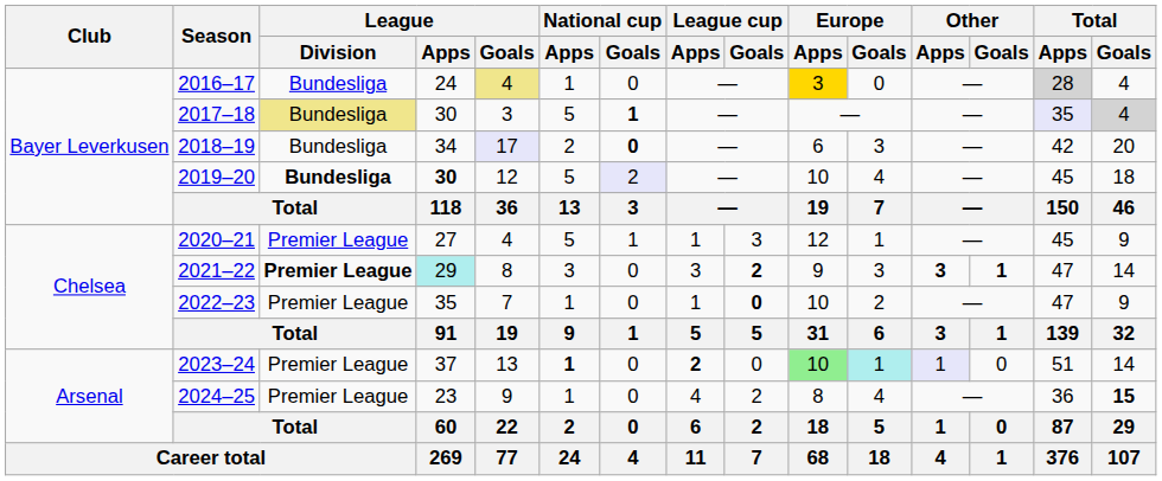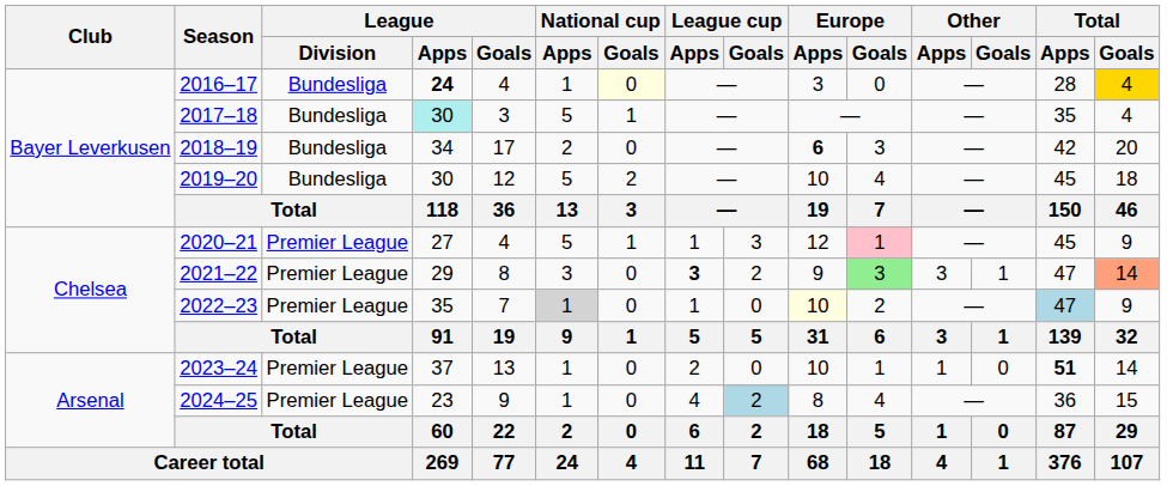 <table class="wikitable" style="text-align: center;">
 <tr>
 <th rowspan="2">Club</th>
 <th rowspan="2">Season</th>
 <th colspan="3">League</th>
 <th colspan="2">National cup</th>
 <th colspan="2">League cup</th>
 <th colspan="2">Europe</th>
 <th colspan="2">Other</th>
 <th colspan="2">Total</th>
 </tr>
 <tr>
 <th>Division</th>
 <th>Apps</th>
 <th>Goals</th>
 <th>Apps</th>
 <th>Goals</th>
 <th>Apps</th>
 <th>Goals</th>
 <th>Apps</th>
 <th>Goals</th>
 <th>Apps</th>
 <th>Goals</th>
 <th>Apps</th>
 <th>Goals</th>
 </tr>
 <tr>
 <td rowspan="5"><a href='#'>Bayer Leverkusen</a></td>
 <td><a href='#'>2016–17</a></td>
 <td><a href='#'>Bundesliga</a></td>
-<td>24</td>
-<td style="background: khaki;">4</td>
+<td><strong>24</strong></td>
+<td>4</td>
 <td>1</td>
+<td style="background: lightyellow;">0</td>
+<td colspan="2">—</td>
+<td>3</td>
 <td>0</td>
 <td colspan="2">—</td>
-<td style="background: gold;">3</td>
-<td>0</td>
-<td colspan="2">—</td>
-<td style="background: lightgrey;">28</td>
-<td>4</td>
+<td>28</td>
+<td style="background: gold;">4</td>
 </tr>
 <tr>
 <td><a href='#'>2017–18</a></td>
-<td style="background: khaki;">Bundesliga</td>
-<td>30</td>
+<td>Bundesliga</td>
+<td style="background: paleturquoise;">30</td>
 <td>3</td>
 <td>5</td>
-<td><strong>1</strong></td>
+<td>1</td>
 <td colspan="2">—</td>
 <td colspan="2">—</td>
 <td colspan="2">—</td>
-<td style="background: lavender;">35</td>
-<td style="background: lightgrey;">4</td>
+<td>35</td>
+<td>4</td>
 </tr>
 <tr>
 <td><a href='#'>2018–19</a></td>
 <td>Bundesliga</td>
 <td>34</td>
-<td style="background: lavender;">17</td>
+<td>17</td>
 <td>2</td>
-<td><strong>0</strong></td>
+<td>0</td>
 <td colspan="2">—</td>
-<td>6</td>
+<td><strong>6</strong></td>
 <td>3</td>
 <td colspan="2">—</td>
 <td>42</td>
 <td>20</td>
 </tr>
 <tr>
 <td><a href='#'>2019–20</a></td>
-<td><strong>Bundesliga</strong></td>
-<td><strong>30</strong></td>
+<td>Bundesliga</td>
+<td>30</td>
 <td>12</td>
 <td>5</td>
-<td style="background: lavender;">2</td>
+<td>2</td>
 <td colspan="2">—</td>
 <td>10</td>
 <td>4</td>
 <td colspan="2">—</td>
 <td>45</td>
 <td>18</td>
 </tr>
 <tr>
 <th colspan="2">Total</th>
 <th>118</th>
 <th>36</th>
 <th>13</th>
 <th>3</th>
 <th colspan="2">—</th>
 <th>19</th>
 <th>7</th>
 <th colspan="2">—</th>
 <th>150</th>
 <th>46</th>
 </tr>
 <tr>
 <td rowspan="4"><a href='#'>Chelsea</a></td>
 <td><a href='#'>2020–21</a></td>
 <td><a href='#'>Premier League</a></td>
 <td>27</td>
 <td>4</td>
 <td>5</td>
 <td>1</td>
 <td>1</td>
 <td>3</td>
 <td>12</td>
-<td>1</td>
+<td style="background: pink;">1</td>
 <td colspan="2">—</td>
 <td>45</td>
 <td>9</td>
 </tr>
 <tr>
 <td><a href='#'>2021–22</a></td>
-<td><strong>Premier League</strong></td>
-<td style="background: paleturquoise;">29</td>
+<td>Premier League</td>
+<td>29</td>
 <td>8</td>
 <td>3</td>
 <td>0</td>
+<td><strong>3</strong></td>
+<td>2</td>
+<td>9</td>
+<td style="background: lightgreen;">3</td>
 <td>3</td>
-<td><strong>2</strong></td>
-<td>9</td>
-<td>3</td>
-<td><strong>3</strong></td>
-<td><strong>1</strong></td>
+<td>1</td>
 <td>47</td>
-<td>14</td>
+<td style="background: lightsalmon;">14</td>
 </tr>
 <tr>
 <td><a href='#'>2022–23</a></td>
 <td>Premier League</td>
 <td>35</td>
 <td>7</td>
+<td style="background: lightgrey;">1</td>
+<td>0</td>
 <td>1</td>
 <td>0</td>
-<td>1</td>
-<td><strong>0</strong></td>
-<td>10</td>
+<td style="background: lightyellow;">10</td>
 <td>2</td>
 <td colspan="2">—</td>
-<td>47</td>
+<td style="background: lightblue;">47</td>
 <td>9</td>
 </tr>
 <tr>
 <th colspan="2">Total</th>
 <th>91</th>
 <th>19</th>
 <th>9</th>
 <th>1</th>
 <th>5</th>
 <th>5</th>
 <th>31</th>
 <th>6</th>
 <th>3</th>
 <th>1</th>
 <th>139</th>
 <th>32</th>
 </tr>
 <tr>
 <td rowspan="3"><a href='#'>Arsenal</a></td>
 <td><a href='#'>2023–24</a></td>
 <td>Premier League</td>
 <td>37</td>
 <td>13</td>
-<td><strong>1</strong></td>
+<td>1</td>
 <td>0</td>
-<td><strong>2</strong></td>
+<td>2</td>
 <td>0</td>
-<td style="background: lightgreen;">10</td>
-<td style="background: paleturquoise;">1</td>
-<td style="background: lavender;">1</td>
+<td>10</td>
+<td>1</td>
+<td>1</td>
 <td>0</td>
-<td>51</td>
+<td><strong>51</strong></td>
 <td>14</td>
 </tr>
 <tr>
 <td><a href='#'>2024–25</a></td>
 <td>Premier League</td>
 <td>23</td>
 <td>9</td>
 <td>1</td>
 <td>0</td>
 <td>4</td>
-<td>2</td>
+<td style="background: lightblue;">2</td>
 <td>8</td>
 <td>4</td>
 <td colspan="2">—</td>
 <td>36</td>
-<td><strong>15</strong></td>
+<td>15</td>
 </tr>
 <tr>
 <th colspan="2">Total</th>
 <th>60</th>
 <th>22</th>
 <th>2</th>
 <th>0</th>
 <th>6</th>
 <th>2</th>
 <th>18</th>
 <th>5</th>
 <th>1</th>
 <th>0</th>
 <th>87</th>
 <th>29</th>
 </tr>
 <tr>
 <th colspan="3">Career total</th>
 <th>269</th>
 <th>77</th>
 <th>24</th>
 <th>4</th>
 <th>11</th>
 <th>7</th>
 <th>68</th>
 <th>18</th>
 <th>4</th>
 <th>1</th>
 <th>376</th>
 <th>107</th>
 </tr>
 </table>
